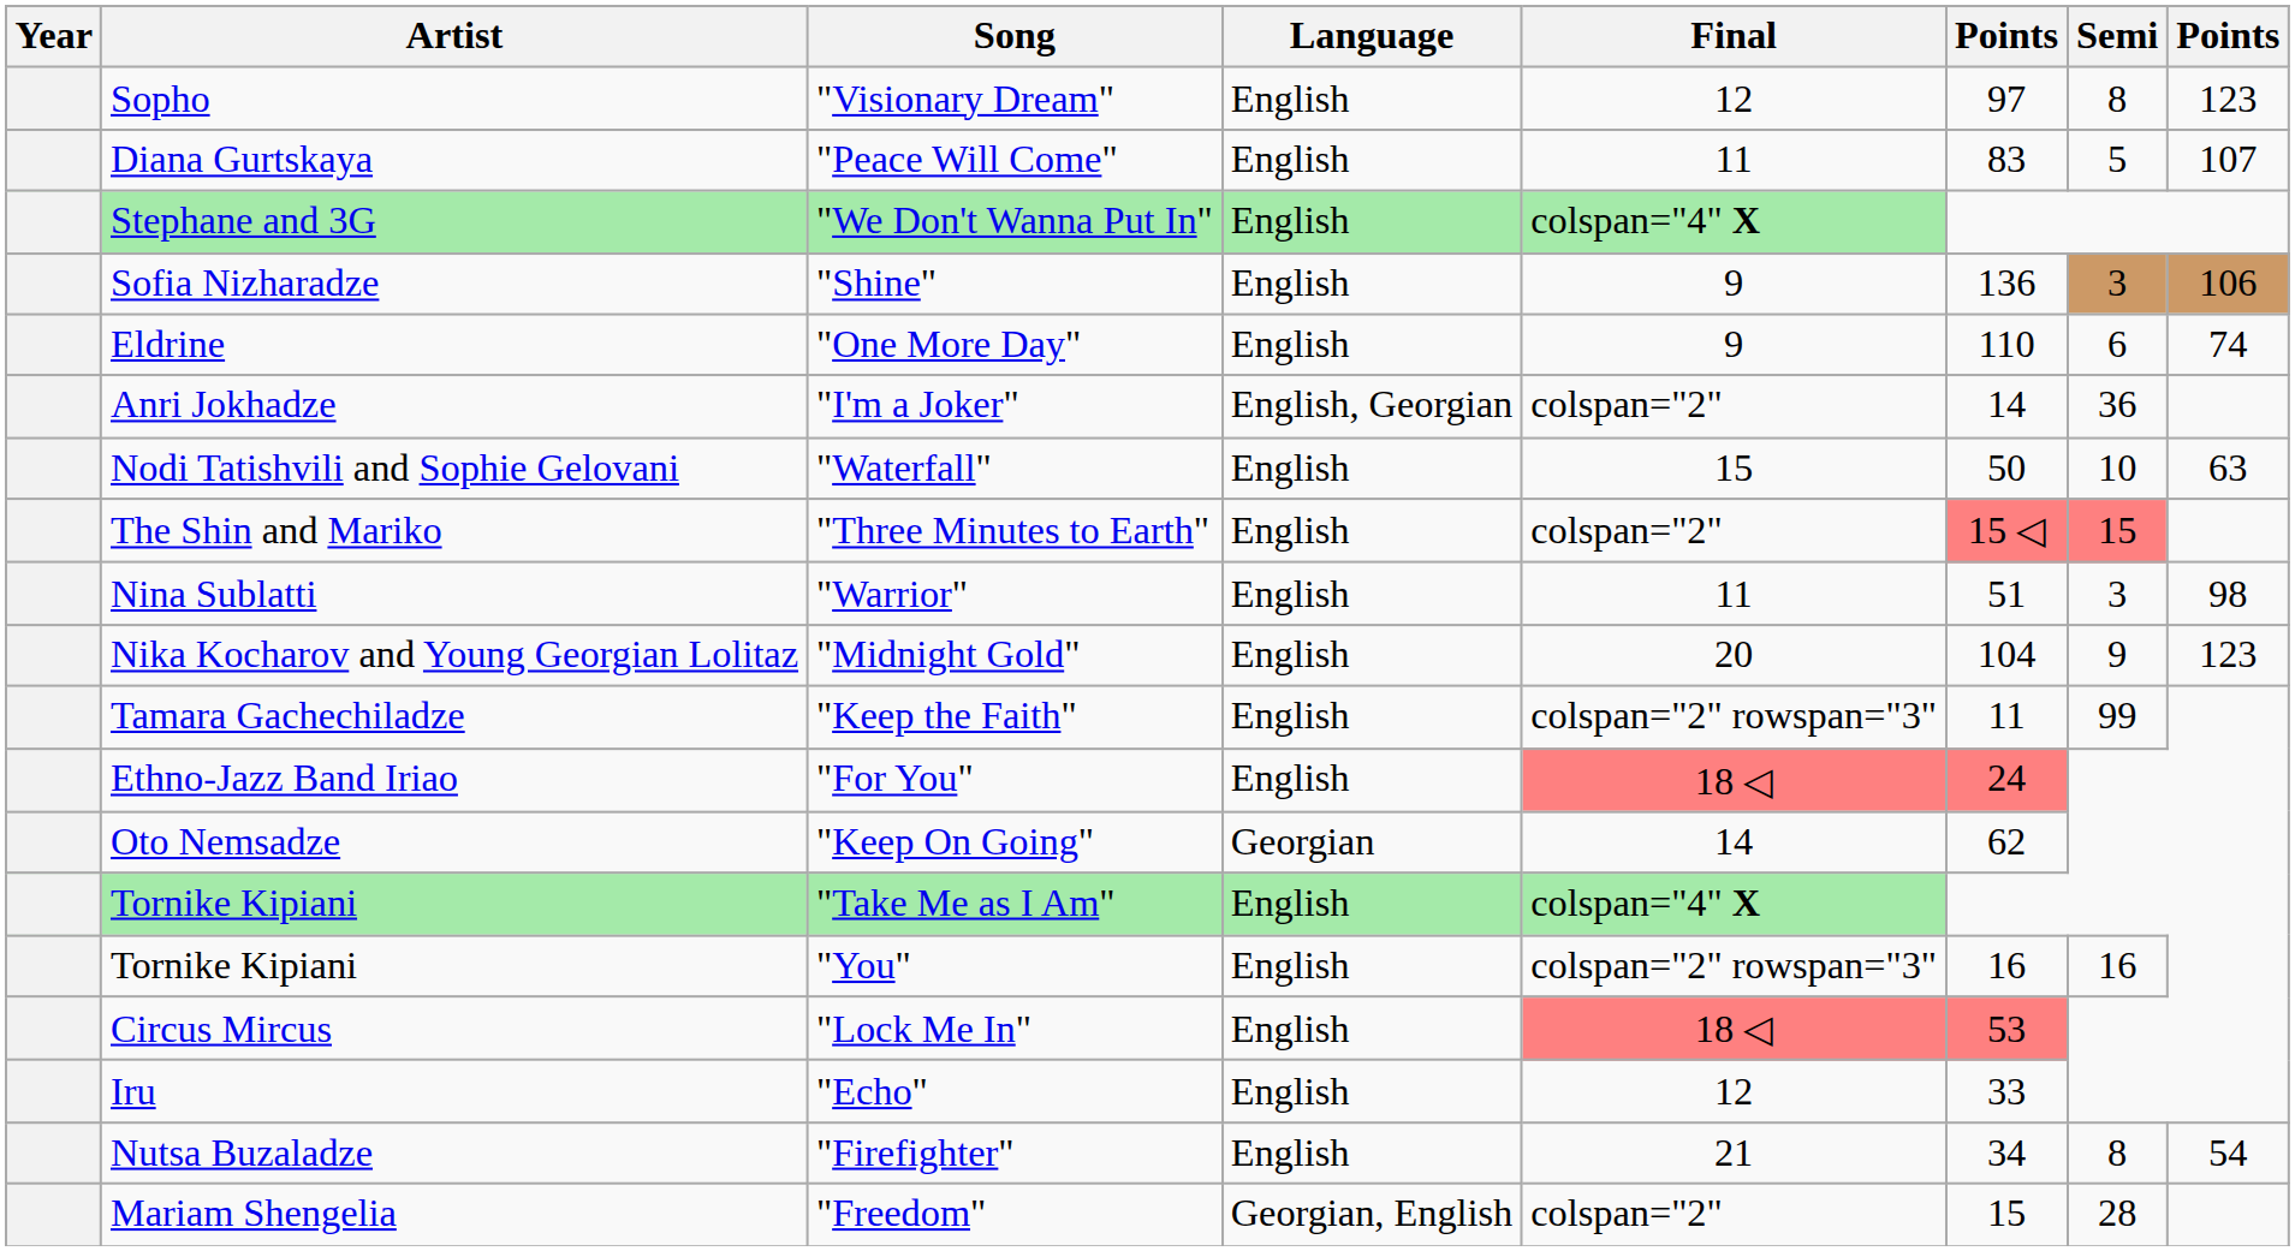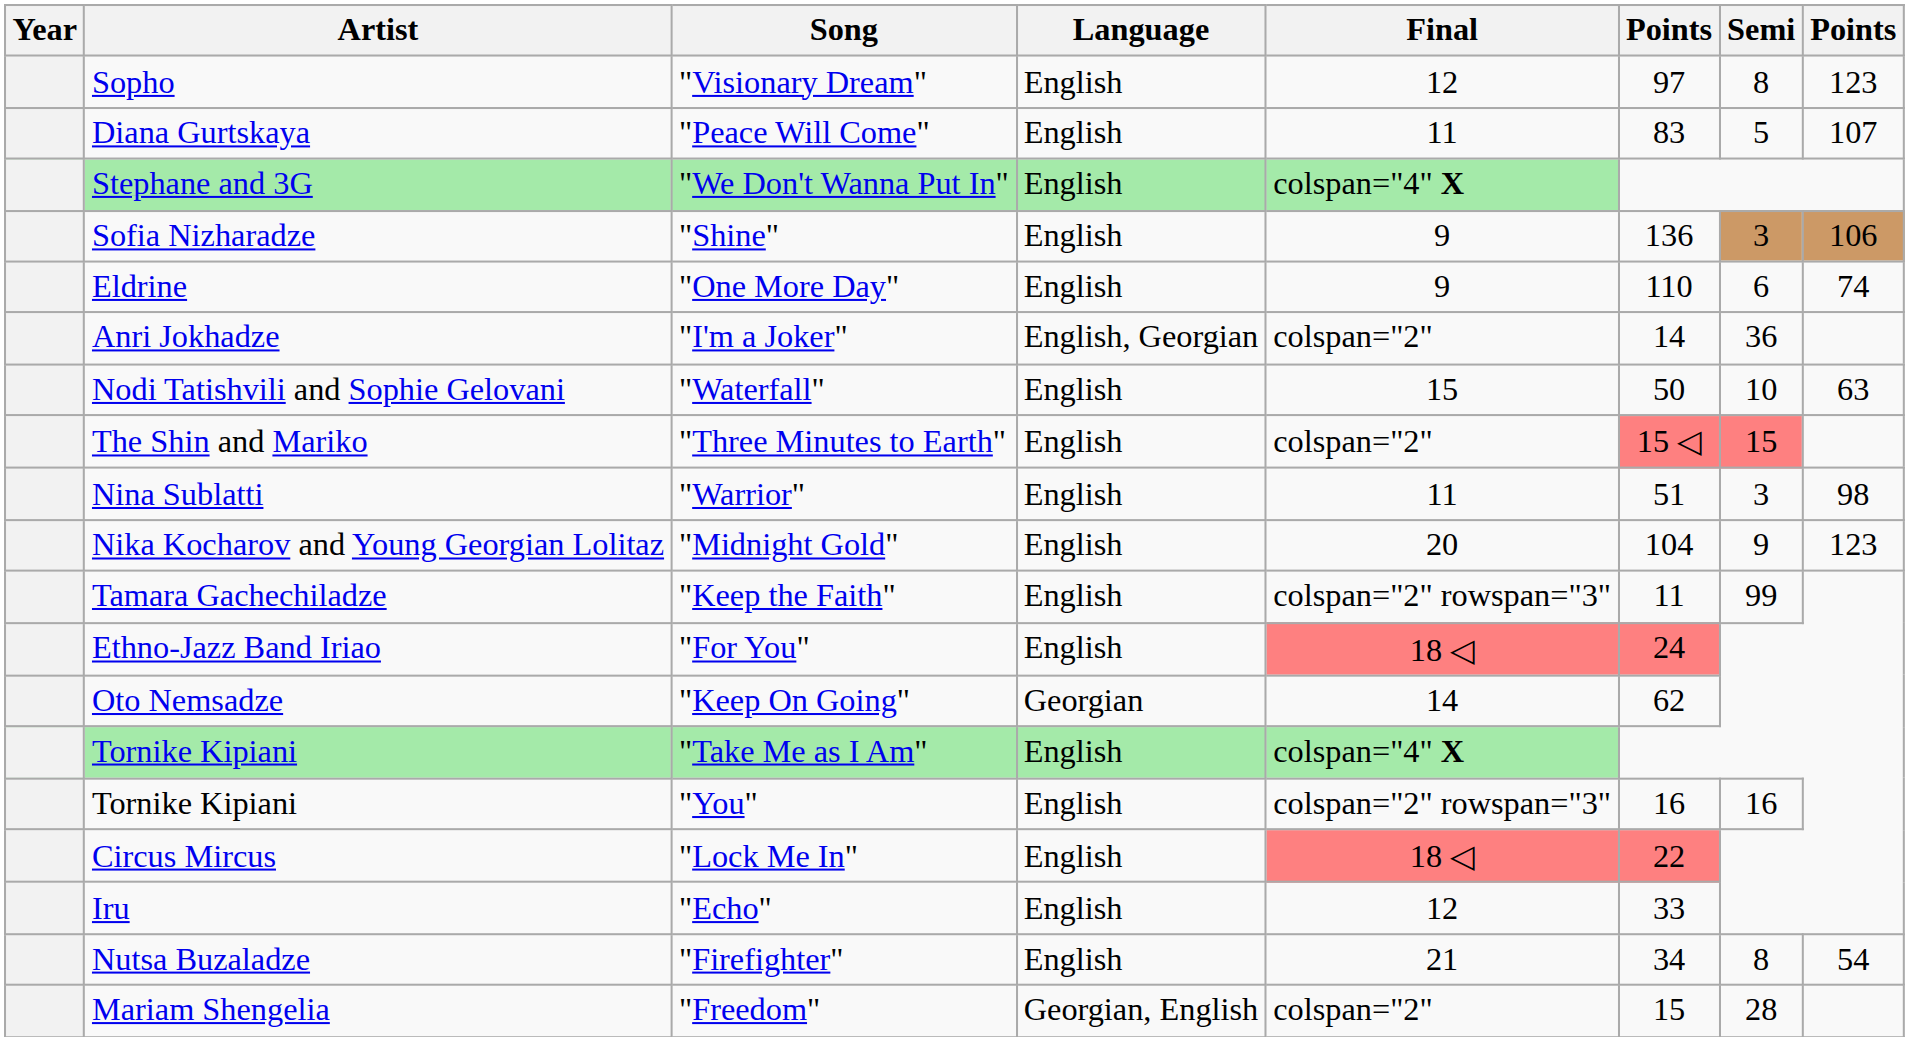 <table class="wikitable sortable plainrowheaders">
 <tr>
 <th scope="col">Year</th>
 <th scope="col">Artist</th>
 <th scope="col">Song</th>
 <th scope="col">Language</th>
 <th scope="col" data-sort-type="number">Final</th>
 <th scope="col" data-sort-type="number">Points</th>
 <th scope="col" data-sort-type="number">Semi</th>
 <th scope="col" data-sort-type="number">Points</th>
 </tr>
 <tr>
 <th scope="row" style="text-align:center;"></th>
 <td><a href='#'>Sopho</a></td>
 <td>"<a href='#'>Visionary Dream</a>"</td>
 <td>English</td>
 <td style="text-align:center;">12</td>
 <td style="text-align:center;">97</td>
 <td style="text-align:center;">8</td>
 <td style="text-align:center;">123</td>
 </tr>
 <tr>
 <th scope="row" style="text-align:center;"></th>
 <td><a href='#'>Diana Gurtskaya</a></td>
 <td>"<a href='#'>Peace Will Come</a>"</td>
 <td>English</td>
 <td style="text-align:center;">11</td>
 <td style="text-align:center;">83</td>
 <td style="text-align:center;">5</td>
 <td style="text-align:center;">107</td>
 </tr>
 <tr style="background-color:#A4EAA9;">
 <th scope="row" style="text-align:center;"></th>
 <td><a href='#'>Stephane and 3G</a></td>
 <td>"<a href='#'>We Don't Wanna Put In</a>"</td>
 <td>English</td>
 <td>colspan="4"  <strong>X</strong></td>
 </tr>
 <tr>
 <th scope="row" style="text-align:center;"></th>
 <td><a href='#'>Sofia Nizharadze</a></td>
 <td>"<a href='#'>Shine</a>"</td>
 <td>English</td>
 <td style="text-align:center;">9</td>
 <td style="text-align:center;">136</td>
 <td style="text-align:center; background-color:#C96;">3</td>
 <td style="text-align:center; background-color:#C96;">106</td>
 </tr>
 <tr>
 <th scope="row" style="text-align:center;"></th>
 <td><a href='#'>Eldrine</a></td>
 <td>"<a href='#'>One More Day</a>"</td>
 <td>English</td>
 <td style="text-align:center;">9</td>
 <td style="text-align:center;">110</td>
 <td style="text-align:center;">6</td>
 <td style="text-align:center;">74</td>
 </tr>
 <tr>
 <th scope="row" style="text-align:center;"></th>
 <td><a href='#'>Anri Jokhadze</a></td>
 <td>"<a href='#'>I'm a Joker</a>"</td>
 <td>English, Georgian</td>
 <td>colspan="2" </td>
 <td style="text-align:center;">14</td>
 <td style="text-align:center;">36</td>
 </tr>
 <tr>
 <th scope="row" style="text-align:center;"></th>
 <td><a href='#'>Nodi Tatishvili</a> and <a href='#'>Sophie Gelovani</a></td>
 <td>"<a href='#'>Waterfall</a>"</td>
 <td>English</td>
 <td style="text-align:center;">15</td>
 <td style="text-align:center;">50</td>
 <td style="text-align:center;">10</td>
 <td style="text-align:center;">63</td>
 </tr>
 <tr>
 <th scope="row" style="text-align:center;"></th>
 <td><a href='#'>The Shin</a> and <a href='#'>Mariko</a></td>
 <td>"<a href='#'>Three Minutes to Earth</a>"</td>
 <td>English</td>
 <td>colspan="2" </td>
 <td style="text-align:center; background-color:#FE8080;">15 ◁</td>
 <td style="text-align:center; background-color:#FE8080;">15</td>
 </tr>
 <tr>
 <th scope="row" style="text-align:center;"></th>
 <td><a href='#'>Nina Sublatti</a></td>
 <td>"<a href='#'>Warrior</a>"</td>
 <td>English</td>
 <td style="text-align:center;">11</td>
 <td style="text-align:center;">51</td>
 <td style="text-align:center;">3</td>
 <td style="text-align:center;">98</td>
 </tr>
 <tr>
 <th scope="row" style="text-align:center;"></th>
 <td><a href='#'>Nika Kocharov</a> and <a href='#'>Young Georgian Lolitaz</a></td>
 <td>"<a href='#'>Midnight Gold</a>"</td>
 <td>English</td>
 <td style="text-align:center;">20</td>
 <td style="text-align:center;">104</td>
 <td style="text-align:center;">9</td>
 <td style="text-align:center;">123</td>
 </tr>
 <tr>
 <th scope="row" style="text-align:center;"></th>
 <td><a href='#'>Tamara Gachechiladze</a></td>
 <td>"<a href='#'>Keep the Faith</a>"</td>
 <td>English</td>
 <td>colspan="2" rowspan="3" </td>
 <td style="text-align:center;">11</td>
 <td style="text-align:center;">99</td>
 </tr>
 <tr>
 <th scope="row" style="text-align:center;"></th>
 <td><a href='#'>Ethno-Jazz Band Iriao</a></td>
 <td>"<a href='#'>For You</a>"</td>
 <td>English</td>
 <td style="text-align:center; background-color:#FE8080;">18 ◁</td>
 <td style="text-align:center; background-color:#FE8080;">24</td>
 </tr>
 <tr>
 <th scope="row" style="text-align:center;"></th>
 <td><a href='#'>Oto Nemsadze</a></td>
 <td>"<a href='#'>Keep On Going</a>"</td>
 <td>Georgian</td>
 <td style="text-align:center;">14</td>
 <td style="text-align:center;">62</td>
 </tr>
 <tr style="background-color:#A4EAA9;">
 <th scope="row" style="text-align:center;"></th>
 <td><a href='#'>Tornike Kipiani</a></td>
 <td>"<a href='#'>Take Me as I Am</a>"</td>
 <td>English</td>
 <td>colspan="4"  <strong>X</strong></td>
 </tr>
 <tr>
 <th scope="row" style="text-align:center;"></th>
 <td>Tornike Kipiani</td>
 <td>"<a href='#'>You</a>"</td>
 <td>English</td>
 <td>colspan="2" rowspan="3" </td>
 <td style="text-align:center;">16</td>
 <td style="text-align:center;">16</td>
 </tr>
 <tr>
 <th scope="row" style="text-align:center;"></th>
 <td><a href='#'>Circus Mircus</a></td>
 <td>"<a href='#'>Lock Me In</a>"</td>
 <td>English</td>
 <td style="text-align:center; background-color:#FE8080;">18 ◁</td>
-<td style="text-align:center; background-color:#FE8080;">53</td>
+<td style="text-align:center; background-color:#FE8080;">22</td>
 </tr>
 <tr>
 <th scope="row" style="text-align:center;"></th>
 <td><a href='#'>Iru</a></td>
 <td>"<a href='#'>Echo</a>"</td>
 <td>English</td>
 <td style="text-align:center;">12</td>
 <td style="text-align:center;">33</td>
 </tr>
 <tr>
 <th scope="row" style="text-align:center;"></th>
 <td><a href='#'>Nutsa Buzaladze</a></td>
 <td>"<a href='#'>Firefighter</a>"</td>
 <td>English</td>
 <td style="text-align:center;">21</td>
 <td style="text-align:center;">34</td>
 <td style="text-align:center;">8</td>
 <td style="text-align:center;">54</td>
 </tr>
 <tr>
 <th scope="row" style="text-align:center;"></th>
 <td><a href='#'>Mariam Shengelia</a></td>
 <td>"<a href='#'>Freedom</a>"</td>
 <td>Georgian, English</td>
 <td>colspan="2" </td>
 <td style="text-align:center;">15</td>
 <td style="text-align:center;">28</td>
 </tr>
 </table>
